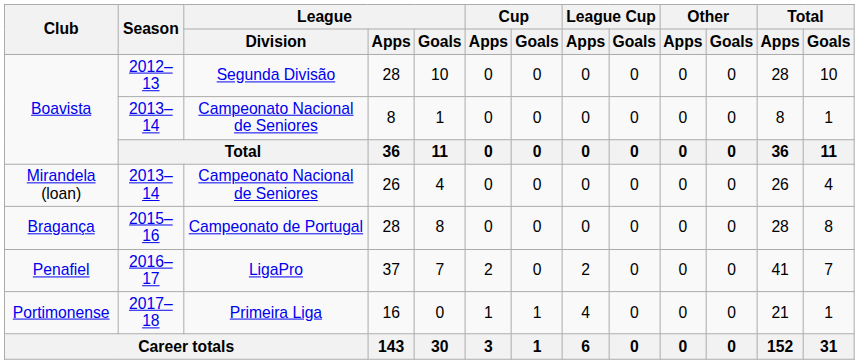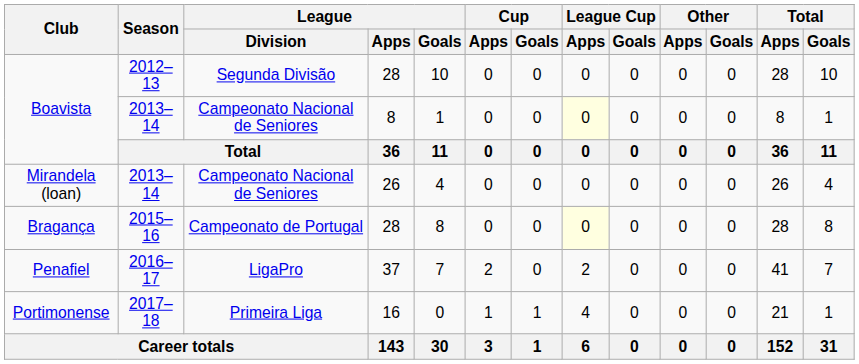 <table class="wikitable" style="text-align: center">
 <tr>
 <th rowspan=2>Club</th>
 <th rowspan=2>Season</th>
 <th colspan=3>League</th>
 <th colspan=2>Cup</th>
 <th colspan=2>League Cup</th>
 <th colspan=2>Other</th>
 <th colspan=2>Total</th>
 </tr>
 <tr>
 <th>Division</th>
 <th>Apps</th>
 <th>Goals</th>
 <th>Apps</th>
 <th>Goals</th>
 <th>Apps</th>
 <th>Goals</th>
 <th>Apps</th>
 <th>Goals</th>
 <th>Apps</th>
 <th>Goals</th>
 </tr>
 <tr>
 <td rowspan=3><a href='#'>Boavista</a></td>
 <td><a href='#'>2012–13</a></td>
 <td><a href='#'>Segunda Divisão</a></td>
 <td>28</td>
 <td>10</td>
 <td>0</td>
 <td>0</td>
 <td>0</td>
 <td>0</td>
 <td>0</td>
 <td>0</td>
 <td>28</td>
 <td>10</td>
 </tr>
 <tr>
 <td><a href='#'>2013–14</a></td>
 <td><a href='#'>Campeonato Nacional de Seniores</a></td>
 <td>8</td>
 <td>1</td>
 <td>0</td>
 <td>0</td>
-<td>0</td>
+<td style="background: lightyellow;">0</td>
 <td>0</td>
 <td>0</td>
 <td>0</td>
 <td>8</td>
 <td>1</td>
 </tr>
 <tr>
 <th colspan=2>Total</th>
 <th>36</th>
 <th>11</th>
 <th>0</th>
 <th>0</th>
 <th>0</th>
 <th>0</th>
 <th>0</th>
 <th>0</th>
 <th>36</th>
 <th>11</th>
 </tr>
 <tr>
 <td><a href='#'>Mirandela</a> (loan)</td>
 <td><a href='#'>2013–14</a></td>
 <td><a href='#'>Campeonato Nacional de Seniores</a></td>
 <td>26</td>
 <td>4</td>
 <td>0</td>
 <td>0</td>
 <td>0</td>
 <td>0</td>
 <td>0</td>
 <td>0</td>
 <td>26</td>
 <td>4</td>
 </tr>
 <tr>
 <td><a href='#'>Bragança</a></td>
 <td><a href='#'>2015–16</a></td>
 <td><a href='#'>Campeonato de Portugal</a></td>
 <td>28</td>
 <td>8</td>
 <td>0</td>
 <td>0</td>
-<td>0</td>
+<td style="background: lightyellow;">0</td>
 <td>0</td>
 <td>0</td>
 <td>0</td>
 <td>28</td>
 <td>8</td>
 </tr>
 <tr>
 <td><a href='#'>Penafiel</a></td>
 <td><a href='#'>2016–17</a></td>
 <td><a href='#'>LigaPro</a></td>
 <td>37</td>
 <td>7</td>
 <td>2</td>
 <td>0</td>
 <td>2</td>
 <td>0</td>
 <td>0</td>
 <td>0</td>
 <td>41</td>
 <td>7</td>
 </tr>
 <tr>
 <td><a href='#'>Portimonense</a></td>
 <td><a href='#'>2017–18</a></td>
 <td><a href='#'>Primeira Liga</a></td>
 <td>16</td>
 <td>0</td>
 <td>1</td>
 <td>1</td>
 <td>4</td>
 <td>0</td>
 <td>0</td>
 <td>0</td>
 <td>21</td>
 <td>1</td>
 </tr>
 <tr>
 <th colspan=3>Career totals</th>
 <th>143</th>
 <th>30</th>
 <th>3</th>
 <th>1</th>
 <th>6</th>
 <th>0</th>
 <th>0</th>
 <th>0</th>
 <th>152</th>
 <th>31</th>
 </tr>
 </table>
